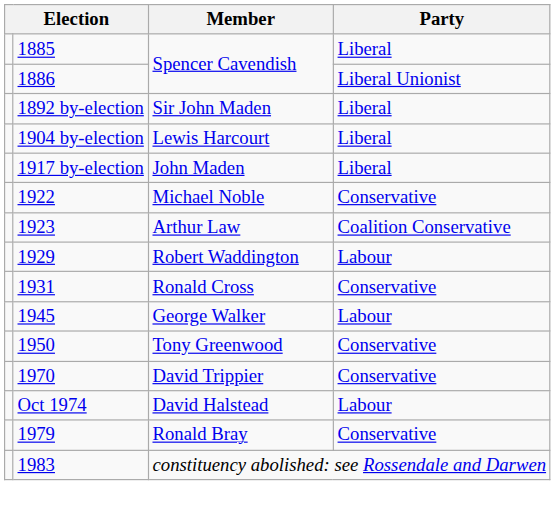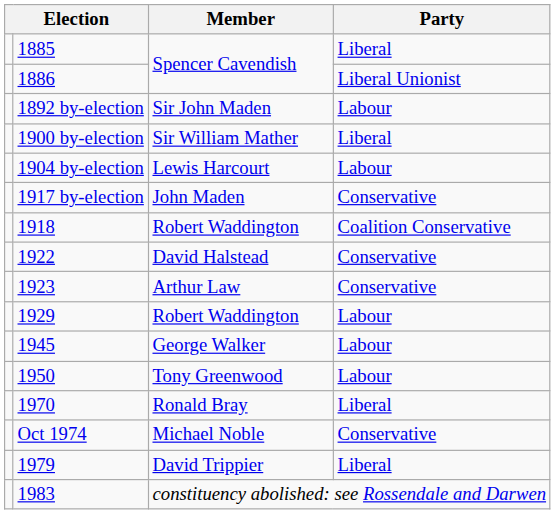 <table class="wikitable">
 <tr>
 <th colspan="2">Election</th>
 <th>Member</th>
 <th>Party</th>
 </tr>
 <tr>
 <td style="color:inherit;background-color: "></td>
 <td><a href='#'>1885</a></td>
 <td rowspan="2"><a href='#'>Spencer Cavendish</a></td>
 <td><a href='#'>Liberal</a></td>
 </tr>
 <tr>
 <td style="color:inherit;background-color: "></td>
 <td><a href='#'>1886</a></td>
 <td><a href='#'>Liberal Unionist</a></td>
 </tr>
 <tr>
 <td style="color:inherit;background-color: "></td>
 <td><a href='#'>1892 by-election</a></td>
 <td><a href='#'>Sir John Maden</a></td>
+<td><a href='#'>Labour</a></td>
+</tr>
+<tr>
+<td style="color:inherit;background-color: "></td>
+<td><a href='#'>1900 by-election</a></td>
+<td><a href='#'>Sir William Mather</a></td>
 <td><a href='#'>Liberal</a></td>
 </tr>
 <tr>
 <td style="color:inherit;background-color: "></td>
 <td><a href='#'>1904 by-election</a></td>
 <td><a href='#'>Lewis Harcourt</a></td>
-<td><a href='#'>Liberal</a></td>
+<td><a href='#'>Labour</a></td>
 </tr>
 <tr>
 <td style="color:inherit;background-color: "></td>
 <td><a href='#'>1917 by-election</a></td>
 <td><a href='#'>John Maden</a></td>
-<td><a href='#'>Liberal</a></td>
+<td><a href='#'>Conservative</a></td>
+</tr>
+<tr>
+<td style="color:inherit;background-color: "></td>
+<td><a href='#'>1918</a></td>
+<td><a href='#'>Robert Waddington</a></td>
+<td><a href='#'>Coalition Conservative</a></td>
 </tr>
 <tr>
 <td style="color:inherit;background-color: "></td>
 <td><a href='#'>1922</a></td>
-<td><a href='#'>Michael Noble</a></td>
+<td><a href='#'>David Halstead</a></td>
 <td><a href='#'>Conservative</a></td>
 </tr>
 <tr>
 <td style="color:inherit;background-color: "></td>
 <td><a href='#'>1923</a></td>
 <td><a href='#'>Arthur Law</a></td>
-<td><a href='#'>Coalition Conservative</a></td>
+<td><a href='#'>Conservative</a></td>
 </tr>
 <tr>
 <td style="color:inherit;background-color: "></td>
 <td><a href='#'>1929</a></td>
 <td><a href='#'>Robert Waddington</a></td>
 <td><a href='#'>Labour</a></td>
-</tr>
-<tr>
-<td style="color:inherit;background-color: "></td>
-<td><a href='#'>1931</a></td>
-<td><a href='#'>Ronald Cross</a></td>
-<td><a href='#'>Conservative</a></td>
 </tr>
 <tr>
 <td style="color:inherit;background-color: "></td>
 <td><a href='#'>1945</a></td>
 <td><a href='#'>George Walker</a></td>
 <td><a href='#'>Labour</a></td>
 </tr>
 <tr>
 <td style="color:inherit;background-color: "></td>
 <td><a href='#'>1950</a></td>
 <td><a href='#'>Tony Greenwood</a></td>
+<td><a href='#'>Labour</a></td>
+</tr>
+<tr>
+<td style="color:inherit;background-color: "></td>
+<td><a href='#'>1970</a></td>
+<td><a href='#'>Ronald Bray</a></td>
+<td><a href='#'>Liberal</a></td>
+</tr>
+<tr>
+<td style="color:inherit;background-color: "></td>
+<td><a href='#'>Oct 1974</a></td>
+<td><a href='#'>Michael Noble</a></td>
 <td><a href='#'>Conservative</a></td>
 </tr>
 <tr>
 <td style="color:inherit;background-color: "></td>
-<td><a href='#'>1970</a></td>
+<td><a href='#'>1979</a></td>
 <td><a href='#'>David Trippier</a></td>
-<td><a href='#'>Conservative</a></td>
-</tr>
-<tr>
-<td style="color:inherit;background-color: "></td>
-<td><a href='#'>Oct 1974</a></td>
-<td><a href='#'>David Halstead</a></td>
-<td><a href='#'>Labour</a></td>
-</tr>
-<tr>
-<td style="color:inherit;background-color: "></td>
-<td><a href='#'>1979</a></td>
-<td><a href='#'>Ronald Bray</a></td>
-<td><a href='#'>Conservative</a></td>
+<td><a href='#'>Liberal</a></td>
 </tr>
 <tr>
 <td></td>
 <td><a href='#'>1983</a></td>
 <td colspan="2"><em>constituency abolished: see <a href='#'>Rossendale and Darwen</a></em></td>
 </tr>
 </table>
